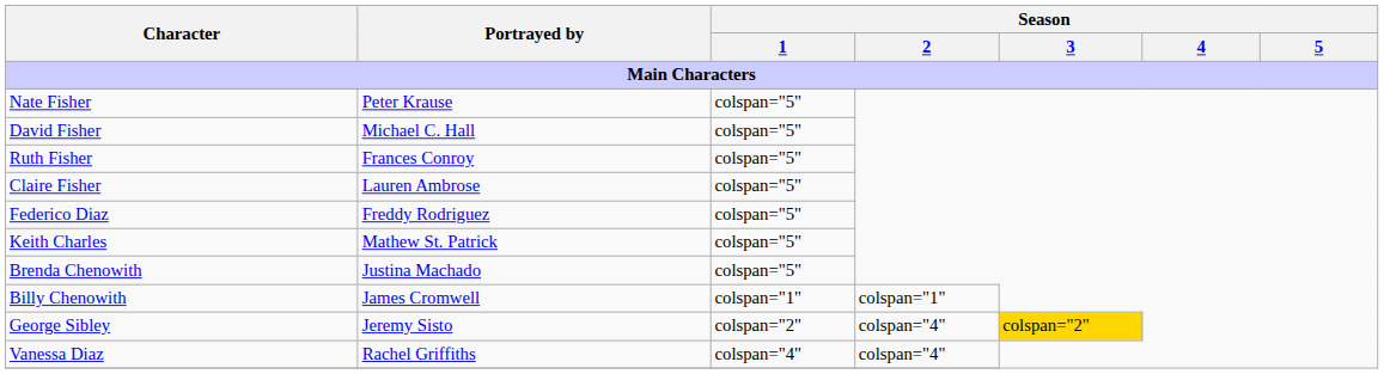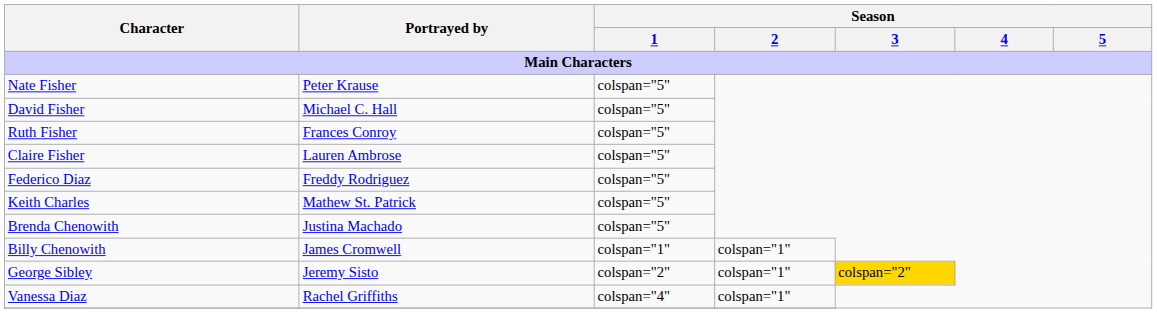 <table class="wikitable">
 <tr>
 <th rowspan="2" style="width:15%;">Character</th>
 <th rowspan="2" style="width:15%;">Portrayed by</th>
 <th colspan="5">Season</th>
 </tr>
 <tr>
 <th style="width:5%;"><a href='#'>1</a></th>
 <th style="width:5%;"><a href='#'>2</a></th>
 <th style="width:5%;"><a href='#'>3</a></th>
 <th style="width:5%;"><a href='#'>4</a></th>
 <th style="width:5%;"><a href='#'>5</a></th>
 </tr>
 <tr>
 <th colspan="7" style="background-color:#ccccff;">Main Characters</th>
 </tr>
 <tr>
 <td><a href='#'>Nate Fisher</a></td>
 <td><a href='#'>Peter Krause</a></td>
 <td>colspan="5" </td>
 </tr>
 <tr>
 <td><a href='#'>David Fisher</a></td>
 <td><a href='#'>Michael C. Hall</a></td>
 <td>colspan="5" </td>
 </tr>
 <tr>
 <td><a href='#'>Ruth Fisher</a></td>
 <td><a href='#'>Frances Conroy</a></td>
 <td>colspan="5" </td>
 </tr>
 <tr>
 <td><a href='#'>Claire Fisher</a></td>
 <td><a href='#'>Lauren Ambrose</a></td>
 <td>colspan="5" </td>
 </tr>
 <tr>
 <td><a href='#'>Federico Diaz</a></td>
 <td><a href='#'>Freddy Rodriguez</a></td>
 <td>colspan="5" </td>
 </tr>
 <tr>
 <td><a href='#'>Keith Charles</a></td>
 <td><a href='#'>Mathew St. Patrick</a></td>
 <td>colspan="5" </td>
 </tr>
 <tr>
 <td><a href='#'>Brenda Chenowith</a></td>
 <td><a href='#'>Justina Machado</a></td>
 <td>colspan="5" </td>
 </tr>
 <tr>
 <td><a href='#'>Billy Chenowith</a></td>
 <td><a href='#'>James Cromwell</a></td>
 <td>colspan="1" </td>
 <td>colspan="1" </td>
 </tr>
 <tr>
 <td><a href='#'>George Sibley</a></td>
 <td><a href='#'>Jeremy Sisto</a></td>
 <td>colspan="2" </td>
-<td>colspan="4" </td>
+<td>colspan="1" </td>
 <td style="background: gold;">colspan="2" </td>
 </tr>
 <tr>
 <td><a href='#'>Vanessa Diaz</a></td>
 <td><a href='#'>Rachel Griffiths</a></td>
 <td>colspan="4" </td>
-<td>colspan="4" </td>
+<td>colspan="1" </td>
 </tr>
 <tr>
 </tr>
 </table>
